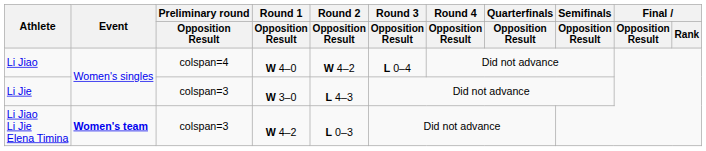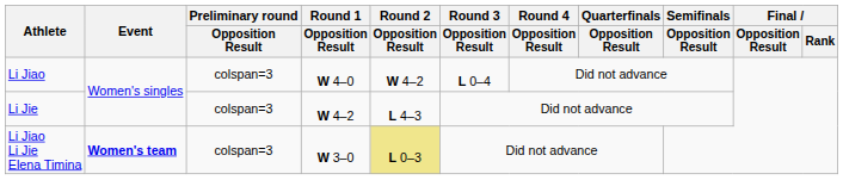 <table class="wikitable" style="font-size:90%">
 <tr>
 <th rowspan="2">Athlete</th>
 <th rowspan="2">Event</th>
 <th>Preliminary round</th>
 <th>Round 1</th>
 <th>Round 2</th>
 <th>Round 3</th>
 <th>Round 4</th>
 <th>Quarterfinals</th>
 <th>Semifinals</th>
 <th colspan=2>Final / </th>
 </tr>
 <tr style="font-size:95%">
 <th>Opposition<br>Result</th>
 <th>Opposition<br>Result</th>
 <th>Opposition<br>Result</th>
 <th>Opposition<br>Result</th>
 <th>Opposition<br>Result</th>
 <th>Opposition<br>Result</th>
 <th>Opposition<br>Result</th>
 <th>Opposition<br>Result</th>
 <th>Rank</th>
 </tr>
 <tr align=center>
 <td align=left><a href='#'>Li Jiao</a></td>
 <td align=left rowspan=2><a href='#'>Women's singles</a></td>
-<td>colspan=4 </td>
+<td>colspan=3 </td>
 <td><br> <strong>W</strong> 4–0</td>
 <td><br><strong>W</strong> 4–2</td>
 <td><br><strong>L</strong> 0–4</td>
 <td colspan=3>Did not advance</td>
 </tr>
 <tr align=center>
 <td align=left><a href='#'>Li Jie</a></td>
 <td>colspan=3 </td>
-<td><br><strong>W</strong> 3–0</td>
+<td> <br><strong>W</strong> 4–2</td>
 <td><br><strong>L</strong> 4–3</td>
 <td colspan=4>Did not advance</td>
 </tr>
 <tr align=center>
 <td align=left><a href='#'>Li Jiao</a><br><a href='#'>Li Jie</a><br><a href='#'>Elena Timina</a></td>
 <td align=left><strong><a href='#'>Women's team</a></strong></td>
 <td>colspan=3 </td>
-<td> <br><strong>W</strong> 4–2</td>
-<td><br><strong>L</strong> 0–3</td>
+<td><br><strong>W</strong> 3–0</td>
+<td style="background: khaki;"><br><strong>L</strong> 0–3</td>
 <td colspan=3>Did not advance</td>
 </tr>
 </table>
